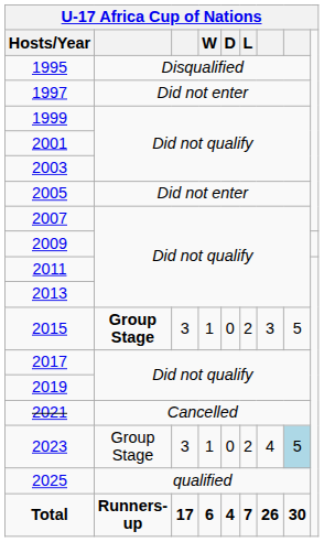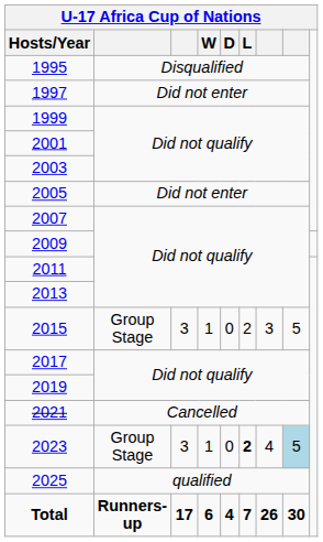 <table class="wikitable" style="text-align: center;">
 <tr>
 <th colspan=9><a href='#'>U-17 Africa Cup of Nations</a></th>
 </tr>
 <tr>
 <th>Hosts/Year</th>
 <th width=20></th>
 <th width=20></th>
 <th>W</th>
 <th>D</th>
 <th>L</th>
 <th width=20></th>
 <th width=20></th>
 </tr>
 <tr>
 <td> <a href='#'>1995</a></td>
 <td colspan=7><em>Disqualified</em></td>
 </tr>
 <tr>
 <td> <a href='#'>1997</a></td>
 <td colspan=7><em>Did not enter</em></td>
 </tr>
 <tr>
 <td> <a href='#'>1999</a></td>
 <td colspan=7 rowspan=3><em>Did not qualify</em></td>
 </tr>
 <tr>
 <td> <a href='#'>2001</a></td>
 </tr>
 <tr>
 <td> <a href='#'>2003</a></td>
 </tr>
 <tr>
 <td> <a href='#'>2005</a></td>
 <td colspan=7><em>Did not enter</em></td>
 </tr>
 <tr>
 <td> <a href='#'>2007</a></td>
 <td colspan=7 rowspan=4><em>Did not qualify</em></td>
 </tr>
 <tr>
 <td> <a href='#'>2009</a></td>
 <td></td>
 </tr>
 <tr>
 <td> <a href='#'>2011</a></td>
 </tr>
 <tr>
 <td> <a href='#'>2013</a></td>
 </tr>
 <tr>
 <td> <a href='#'>2015</a></td>
-<td><strong>Group Stage</strong></td>
+<td>Group Stage</td>
 <td>3</td>
 <td>1</td>
 <td>0</td>
 <td>2</td>
 <td>3</td>
 <td>5</td>
 </tr>
 <tr>
 <td> <a href='#'>2017</a></td>
 <td colspan=7 rowspan=2><em>Did not qualify</em></td>
 </tr>
 <tr>
 <td> <a href='#'>2019</a></td>
 </tr>
 <tr>
 <td> <s><a href='#'>2021</a></s></td>
 <td colspan=7><em> Cancelled</em></td>
 </tr>
 <tr>
 <td> <a href='#'>2023</a></td>
 <td>Group Stage</td>
 <td>3</td>
 <td>1</td>
 <td>0</td>
-<td>2</td>
+<td><strong>2</strong></td>
 <td>4</td>
 <td style="background: lightblue;">5</td>
 </tr>
 <tr>
 <td> <a href='#'>2025</a></td>
 <td colspan=7><em>qualified</em></td>
 </tr>
 <tr>
 <td><strong>Total</strong></td>
 <td><strong>Runners-up</strong></td>
 <td><strong>17</strong></td>
 <td><strong>6</strong></td>
 <td><strong>4</strong></td>
 <td><strong>7</strong></td>
 <td><strong>26</strong></td>
 <td><strong>30</strong></td>
 </tr>
 </table>
